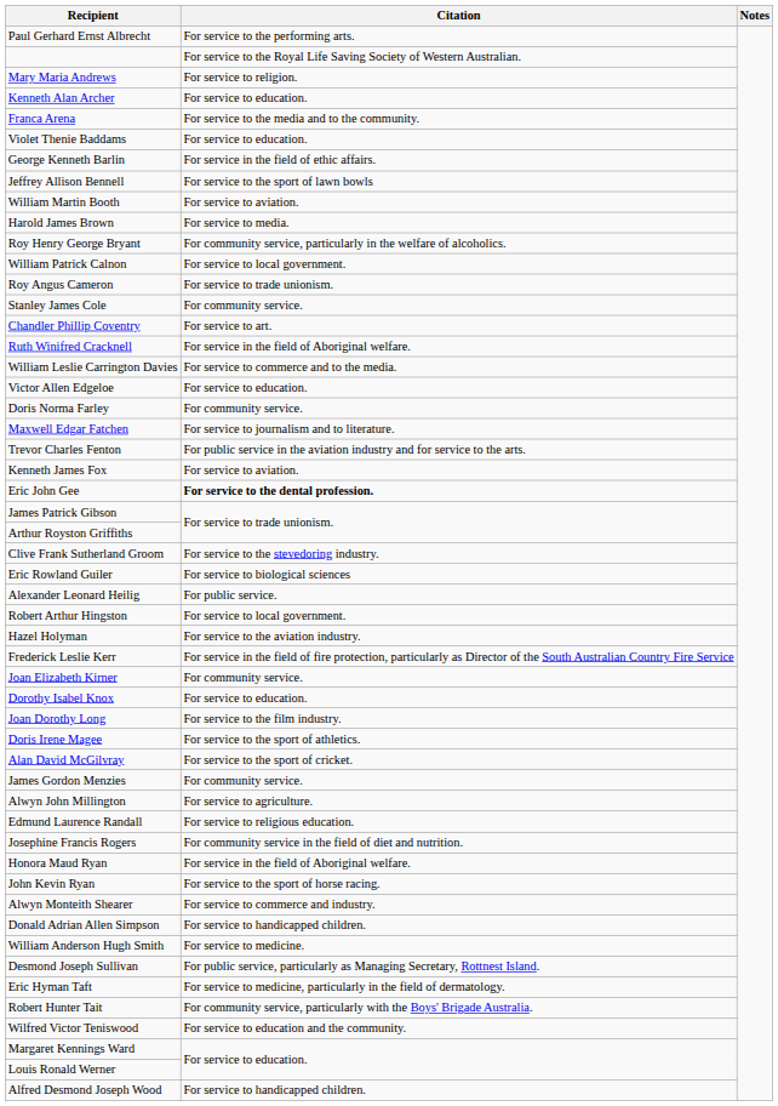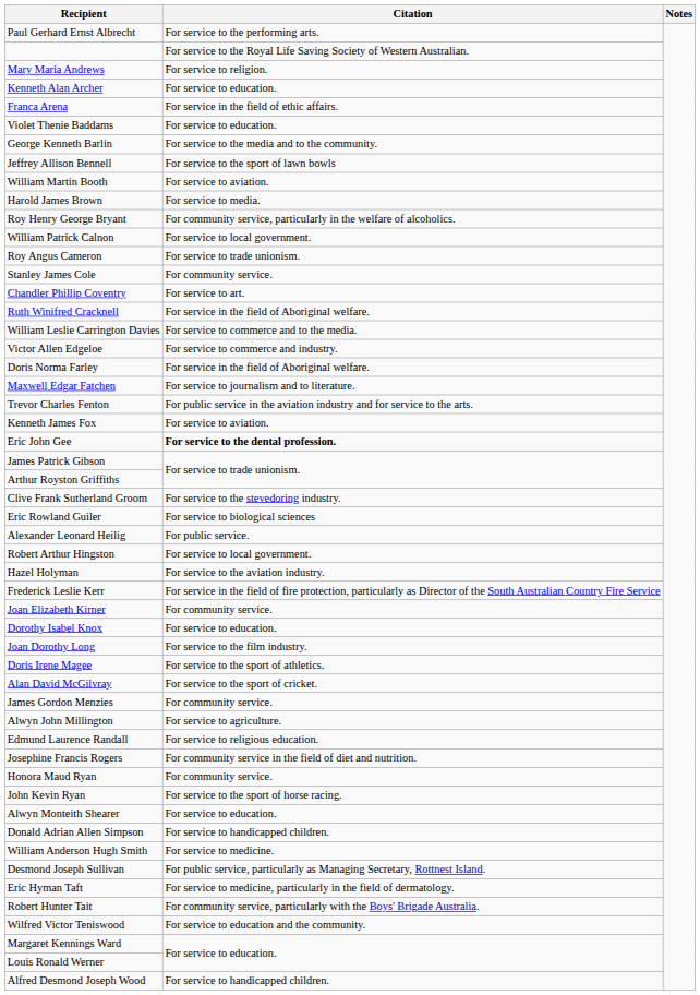 <table class="wikitable" style="font-size:95%;">
 <tr>
 <th>Recipient</th>
 <th>Citation</th>
 <th>Notes</th>
 </tr>
 <tr>
 <td> Paul Gerhard Ernst Albrecht</td>
 <td>For service to the performing arts.</td>
 <td rowspan=52></td>
 </tr>
 <tr>
 <td></td>
 <td>For service to the Royal Life Saving Society of Western Australian.</td>
 </tr>
 <tr>
 <td> <a href='#'>Mary Maria Andrews</a></td>
 <td>For service to religion.</td>
 </tr>
 <tr>
 <td><a href='#'>Kenneth Alan Archer</a></td>
 <td>For service to education.</td>
 </tr>
 <tr>
 <td><a href='#'>Franca Arena</a></td>
-<td>For service to the media and to the community.</td>
+<td>For service in the field of ethic affairs.</td>
 </tr>
 <tr>
 <td>Violet Thenie Baddams</td>
 <td>For service to education.</td>
 </tr>
 <tr>
 <td>George Kenneth Barlin</td>
-<td>For service in the field of ethic affairs.</td>
+<td>For service to the media and to the community.</td>
 </tr>
 <tr>
 <td>Jeffrey Allison Bennell</td>
 <td>For service to the sport of lawn bowls</td>
 </tr>
 <tr>
 <td>William Martin Booth</td>
 <td>For service to aviation.</td>
 </tr>
 <tr>
 <td> Harold James Brown</td>
 <td>For service to media.</td>
 </tr>
 <tr>
 <td>Roy Henry George Bryant</td>
 <td>For community service, particularly in the welfare of alcoholics.</td>
 </tr>
 <tr>
 <td>William Patrick Calnon</td>
 <td>For service to local government.</td>
 </tr>
 <tr>
 <td>Roy Angus Cameron</td>
 <td>For service to trade unionism.</td>
 </tr>
 <tr>
 <td>Stanley James Cole</td>
 <td>For community service.</td>
 </tr>
 <tr>
 <td><a href='#'>Chandler Phillip Coventry</a></td>
 <td>For service to art.</td>
 </tr>
 <tr>
 <td><a href='#'>Ruth Winifred Cracknell</a></td>
 <td>For service in the field of Aboriginal welfare.</td>
 </tr>
 <tr>
 <td>William Leslie Carrington Davies</td>
 <td>For service to commerce and to the media.</td>
 </tr>
 <tr>
 <td>Victor Allen Edgeloe</td>
-<td>For service to education.</td>
+<td>For service to commerce and industry.</td>
 </tr>
 <tr>
 <td> Doris Norma Farley</td>
-<td>For community service.</td>
+<td>For service in the field of Aboriginal welfare.</td>
 </tr>
 <tr>
 <td><a href='#'>Maxwell Edgar Fatchen</a></td>
 <td>For service to journalism and to literature.</td>
 </tr>
 <tr>
 <td>Trevor Charles Fenton</td>
 <td>For public service in the aviation industry and for service to the arts.</td>
 </tr>
 <tr>
 <td>Kenneth James Fox</td>
 <td>For service to aviation.</td>
 </tr>
 <tr>
 <td>Eric John Gee</td>
 <td><strong>For service to the dental profession.</strong></td>
 </tr>
 <tr>
 <td>James Patrick Gibson</td>
 <td rowspan=2>For service to trade unionism.</td>
 </tr>
 <tr>
 <td>Arthur Royston Griffiths</td>
 </tr>
 <tr>
 <td>Clive Frank Sutherland Groom</td>
 <td>For service to the <a href='#'>stevedoring</a> industry.</td>
 </tr>
 <tr>
 <td> Eric Rowland Guiler</td>
 <td>For service to biological sciences</td>
 </tr>
 <tr>
 <td>Alexander Leonard Heilig</td>
 <td>For public service.</td>
 </tr>
 <tr>
 <td>Robert Arthur Hingston</td>
 <td>For service to local government.</td>
 </tr>
 <tr>
 <td>Hazel Holyman</td>
 <td>For service to the aviation industry.</td>
 </tr>
 <tr>
 <td>Frederick Leslie Kerr </td>
 <td>For service in the field of fire protection, particularly as Director of the <a href='#'>South Australian Country Fire Service</a></td>
 </tr>
 <tr>
 <td><a href='#'>Joan Elizabeth Kirner</a></td>
 <td>For community service.</td>
 </tr>
 <tr>
 <td><a href='#'>Dorothy Isabel Knox</a> </td>
 <td>For service to education.</td>
 </tr>
 <tr>
 <td><a href='#'>Joan Dorothy Long</a></td>
 <td>For service to the film industry.</td>
 </tr>
 <tr>
 <td><a href='#'>Doris Irene Magee</a> </td>
 <td>For service to the sport of athletics.</td>
 </tr>
 <tr>
 <td><a href='#'>Alan David McGilvray</a> </td>
 <td>For service to the sport of cricket.</td>
 </tr>
 <tr>
 <td>James Gordon Menzies</td>
 <td>For community service.</td>
 </tr>
 <tr>
 <td> Alwyn John Millington</td>
 <td>For service to agriculture.</td>
 </tr>
 <tr>
 <td> Edmund Laurence Randall</td>
 <td>For service to religious education.</td>
 </tr>
 <tr>
 <td>Josephine Francis Rogers</td>
 <td>For community service in the field of diet and nutrition.</td>
 </tr>
 <tr>
 <td>Honora Maud Ryan</td>
-<td>For service in the field of Aboriginal welfare.</td>
+<td>For community service.</td>
 </tr>
 <tr>
 <td>John Kevin Ryan</td>
 <td>For service to the sport of horse racing.</td>
 </tr>
 <tr>
 <td>Alwyn Monteith Shearer</td>
-<td>For service to commerce and industry.</td>
+<td>For service to education.</td>
 </tr>
 <tr>
 <td>Donald Adrian Allen Simpson</td>
 <td>For service to handicapped children.</td>
 </tr>
 <tr>
 <td> William Anderson Hugh Smith</td>
 <td>For service to medicine.</td>
 </tr>
 <tr>
 <td>Desmond Joseph Sullivan </td>
 <td>For public service, particularly as Managing Secretary, <a href='#'>Rottnest Island</a>.</td>
 </tr>
 <tr>
 <td> Eric Hyman Taft</td>
 <td>For service to medicine, particularly in the field of dermatology.</td>
 </tr>
 <tr>
 <td>Robert Hunter Tait</td>
 <td>For community service, particularly with the <a href='#'>Boys' Brigade Australia</a>.</td>
 </tr>
 <tr>
 <td> Wilfred Victor Teniswood</td>
 <td>For service to education and the community.</td>
 </tr>
 <tr>
 <td>Margaret Kennings Ward</td>
 <td rowspan=2>For service to education.</td>
 </tr>
 <tr>
 <td> Louis Ronald Werner</td>
 </tr>
 <tr>
 <td>Alfred Desmond Joseph Wood</td>
 <td>For service to handicapped children.</td>
 </tr>
 </table>
